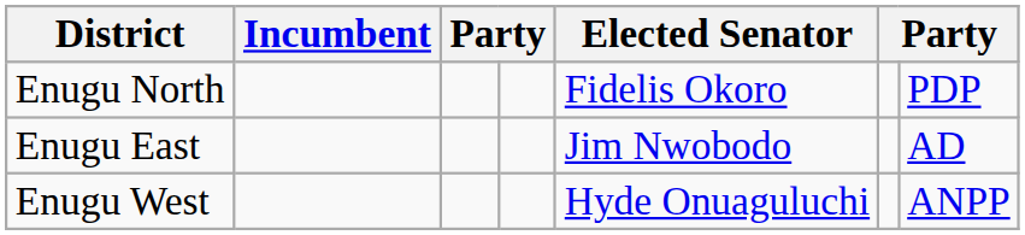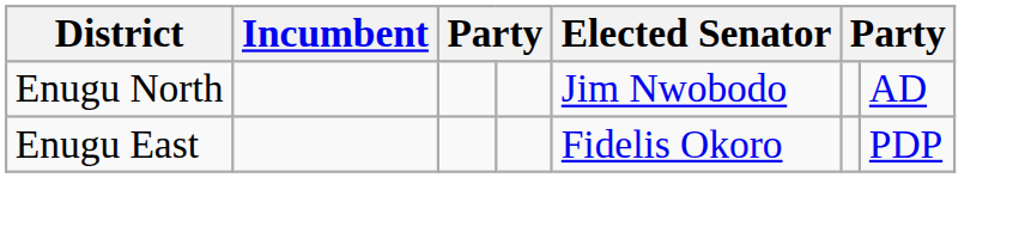 <table class="sortable wikitable" style="font-size:95%;line-height:14px;">
 <tr>
 <th class="unsortable">District</th>
 <th class="unsortable"><a href='#'>Incumbent</a></th>
 <th colspan="2">Party</th>
 <th class="unsortable">Elected Senator</th>
 <th colspan="2">Party</th>
 </tr>
 <tr>
 <td>Enugu North</td>
 <td></td>
 <td></td>
 <td></td>
-<td><a href='#'>Fidelis Okoro</a></td>
+<td><a href='#'>Jim Nwobodo</a></td>
 <td style="background:"></td>
-<td><a href='#'>PDP</a></td>
+<td><a href='#'>AD</a></td>
 </tr>
 <tr>
 <td>Enugu East</td>
 <td></td>
 <td></td>
 <td></td>
-<td><a href='#'>Jim Nwobodo</a></td>
+<td><a href='#'>Fidelis Okoro</a></td>
 <td style="background:"></td>
-<td><a href='#'>AD</a></td>
-</tr>
-<tr>
-<td>Enugu West</td>
-<td></td>
-<td></td>
-<td></td>
-<td><a href='#'>Hyde Onuaguluchi</a></td>
-<td style="background:"></td>
-<td><a href='#'>ANPP</a></td>
+<td><a href='#'>PDP</a></td>
 </tr>
 </table>
